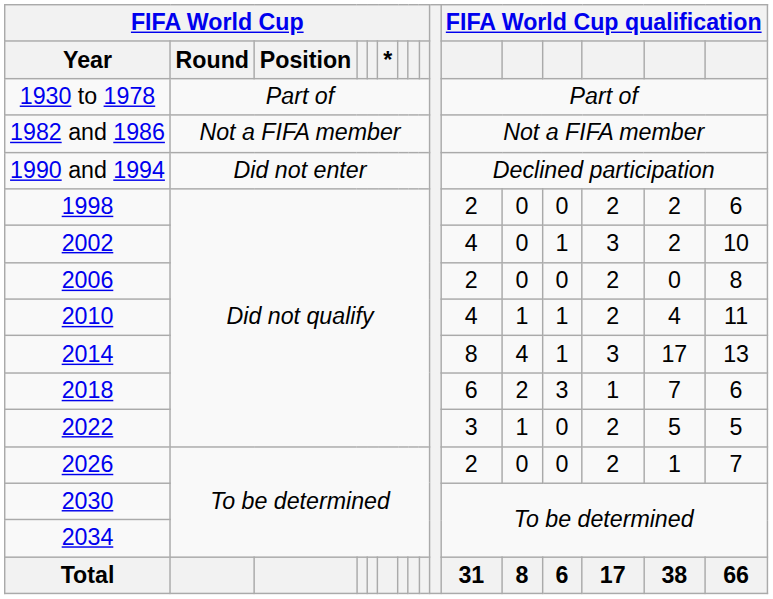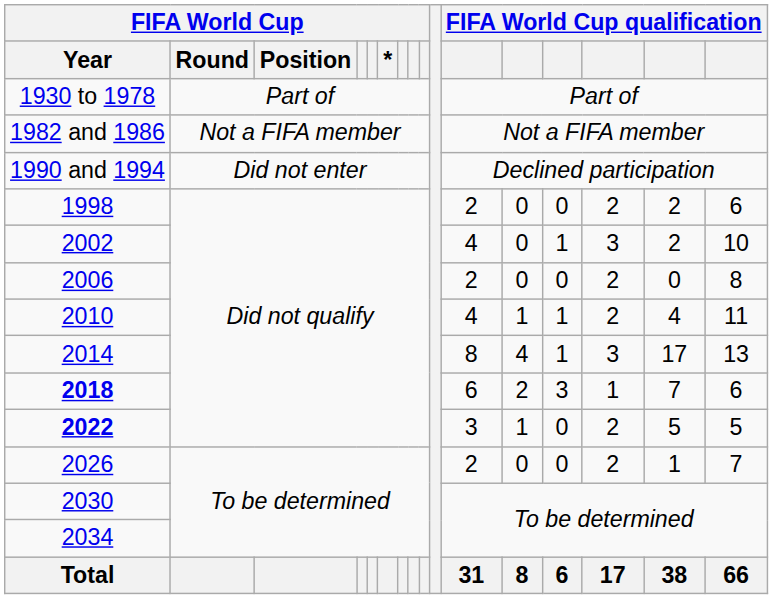 <table class="wikitable" style="text-align: center;">
 <tr>
 <th colspan=9><a href='#'>FIFA World Cup</a></th>
 <th rowspan=28></th>
 <th colspan=6><a href='#'>FIFA World Cup qualification</a></th>
 </tr>
 <tr>
 <th>Year</th>
 <th>Round</th>
 <th>Position</th>
 <th></th>
 <th></th>
 <th>*</th>
 <th></th>
 <th></th>
 <th></th>
 <th></th>
 <th></th>
 <th></th>
 <th></th>
 <th></th>
 <th></th>
 </tr>
 <tr>
 <td><a href='#'>1930</a> to <a href='#'>1978</a></td>
 <td colspan=8><em>Part of </em></td>
 <td colspan=6><em>Part of </em></td>
 </tr>
 <tr>
 <td><a href='#'>1982</a> and <a href='#'>1986</a></td>
 <td colspan=8><em>Not a FIFA member</em></td>
 <td colspan=6><em>Not a FIFA member</em></td>
 </tr>
 <tr>
 <td><a href='#'>1990</a> and <a href='#'>1994</a></td>
 <td colspan=8><em>Did not enter</em></td>
 <td colspan=6><em>Declined participation</em></td>
 </tr>
 <tr>
 <td> <a href='#'>1998</a></td>
 <td colspan=8 rowspan=7><em>Did not qualify</em></td>
 <td>2</td>
 <td>0</td>
 <td>0</td>
 <td>2</td>
 <td>2</td>
 <td>6</td>
 </tr>
 <tr>
 <td>  <a href='#'>2002</a></td>
 <td>4</td>
 <td>0</td>
 <td>1</td>
 <td>3</td>
 <td>2</td>
 <td>10</td>
 </tr>
 <tr>
 <td> <a href='#'>2006</a></td>
 <td>2</td>
 <td>0</td>
 <td>0</td>
 <td>2</td>
 <td>0</td>
 <td>8</td>
 </tr>
 <tr>
 <td> <a href='#'>2010</a></td>
 <td>4</td>
 <td>1</td>
 <td>1</td>
 <td>2</td>
 <td>4</td>
 <td>11</td>
 </tr>
 <tr>
 <td> <a href='#'>2014</a></td>
 <td>8</td>
 <td>4</td>
 <td>1</td>
 <td>3</td>
 <td>17</td>
 <td>13</td>
 </tr>
 <tr>
-<td> <a href='#'>2018</a></td>
+<td><strong> <a href='#'>2018</a></strong></td>
 <td>6</td>
 <td>2</td>
 <td>3</td>
 <td>1</td>
 <td>7</td>
 <td>6</td>
 </tr>
 <tr>
-<td> <a href='#'>2022</a></td>
+<td><strong> <a href='#'>2022</a></strong></td>
 <td>3</td>
 <td>1</td>
 <td>0</td>
 <td>2</td>
 <td>5</td>
 <td>5</td>
 </tr>
 <tr>
 <td>   <a href='#'>2026</a></td>
 <td colspan=8 rowspan=3><em>To be determined</em></td>
 <td>2</td>
 <td>0</td>
 <td>0</td>
 <td>2</td>
 <td>1</td>
 <td>7</td>
 </tr>
 <tr>
 <td>   <a href='#'>2030</a></td>
 <td colspan=6 rowspan=2><em>To be determined</em></td>
 </tr>
 <tr>
 <td> <a href='#'>2034</a></td>
 </tr>
 <tr>
 <th>Total</th>
 <th></th>
 <th></th>
 <th></th>
 <th></th>
 <th></th>
 <th></th>
 <th></th>
 <th></th>
 <th>31</th>
 <th>8</th>
 <th>6</th>
 <th>17</th>
 <th>38</th>
 <th>66</th>
 </tr>
 </table>
